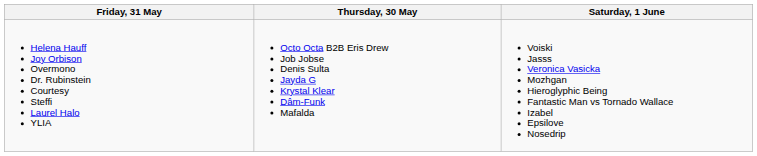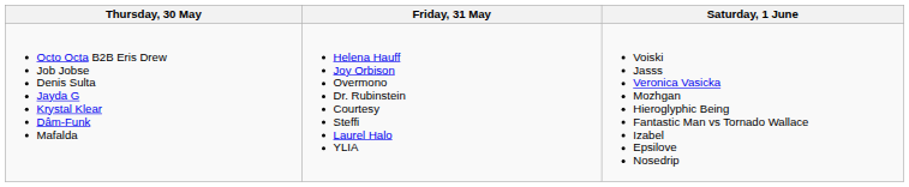 <table class="wikitable">
 <tr>
+<th width="500">Thursday, 30 May</th>
 <th width="500">Friday, 31 May</th>
-<th width="500">Thursday, 30 May</th>
 <th width="500">Saturday, 1 June</th>
 </tr>
 <tr valign="top">
+<td><br><ul><li><a href='#'>Octo Octa</a> B2B Eris Drew</li><li>Job Jobse</li><li>Denis Sulta</li><li><a href='#'>Jayda G</a></li><li><a href='#'>Krystal Klear</a></li><li><a href='#'>Dâm-Funk</a></li><li>Mafalda</li></ul></td>
 <td><br><ul><li><a href='#'>Helena Hauff</a></li><li><a href='#'>Joy Orbison</a></li><li>Overmono</li><li>Dr. Rubinstein</li><li>Courtesy</li><li>Steffi</li><li><a href='#'>Laurel Halo</a></li><li>YLIA</li></ul></td>
-<td><br><ul><li><a href='#'>Octo Octa</a> B2B Eris Drew</li><li>Job Jobse</li><li>Denis Sulta</li><li><a href='#'>Jayda G</a></li><li><a href='#'>Krystal Klear</a></li><li><a href='#'>Dâm-Funk</a></li><li>Mafalda</li></ul></td>
 <td><br><ul><li>Voiski</li><li>Jasss</li><li><a href='#'>Veronica Vasicka</a></li><li>Mozhgan</li><li>Hieroglyphic Being</li><li>Fantastic Man vs Tornado Wallace</li><li>Izabel</li><li>Epsilove</li><li>Nosedrip</li></ul></td>
 </tr>
 </table>
